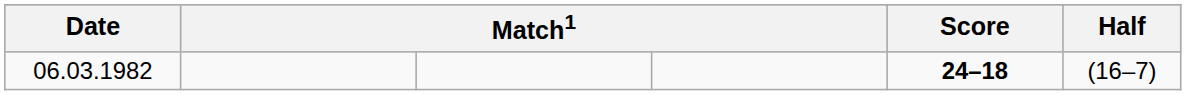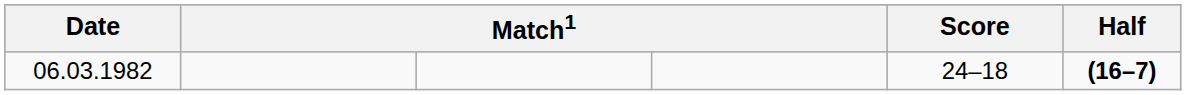 <table width=750 class="wikitable">
 <tr bgcolor="lightsteelblue">
 <th width=15%>Date</th>
 <th width=60% colspan=3>Match<sup>1</sup></th>
 <th width=15%>Score</th>
 <th>Half</th>
 </tr>
 <tr style=font-size:95%>
 <td align=center>06.03.1982</td>
 <td align=right></td>
 <td></td>
 <td></td>
-<td align=center><strong>24–18</strong></td>
-<td align=center>(16–7)</td>
+<td align=center>24–18</td>
+<td align=center><strong>(16–7)</strong></td>
 </tr>
 </table>
